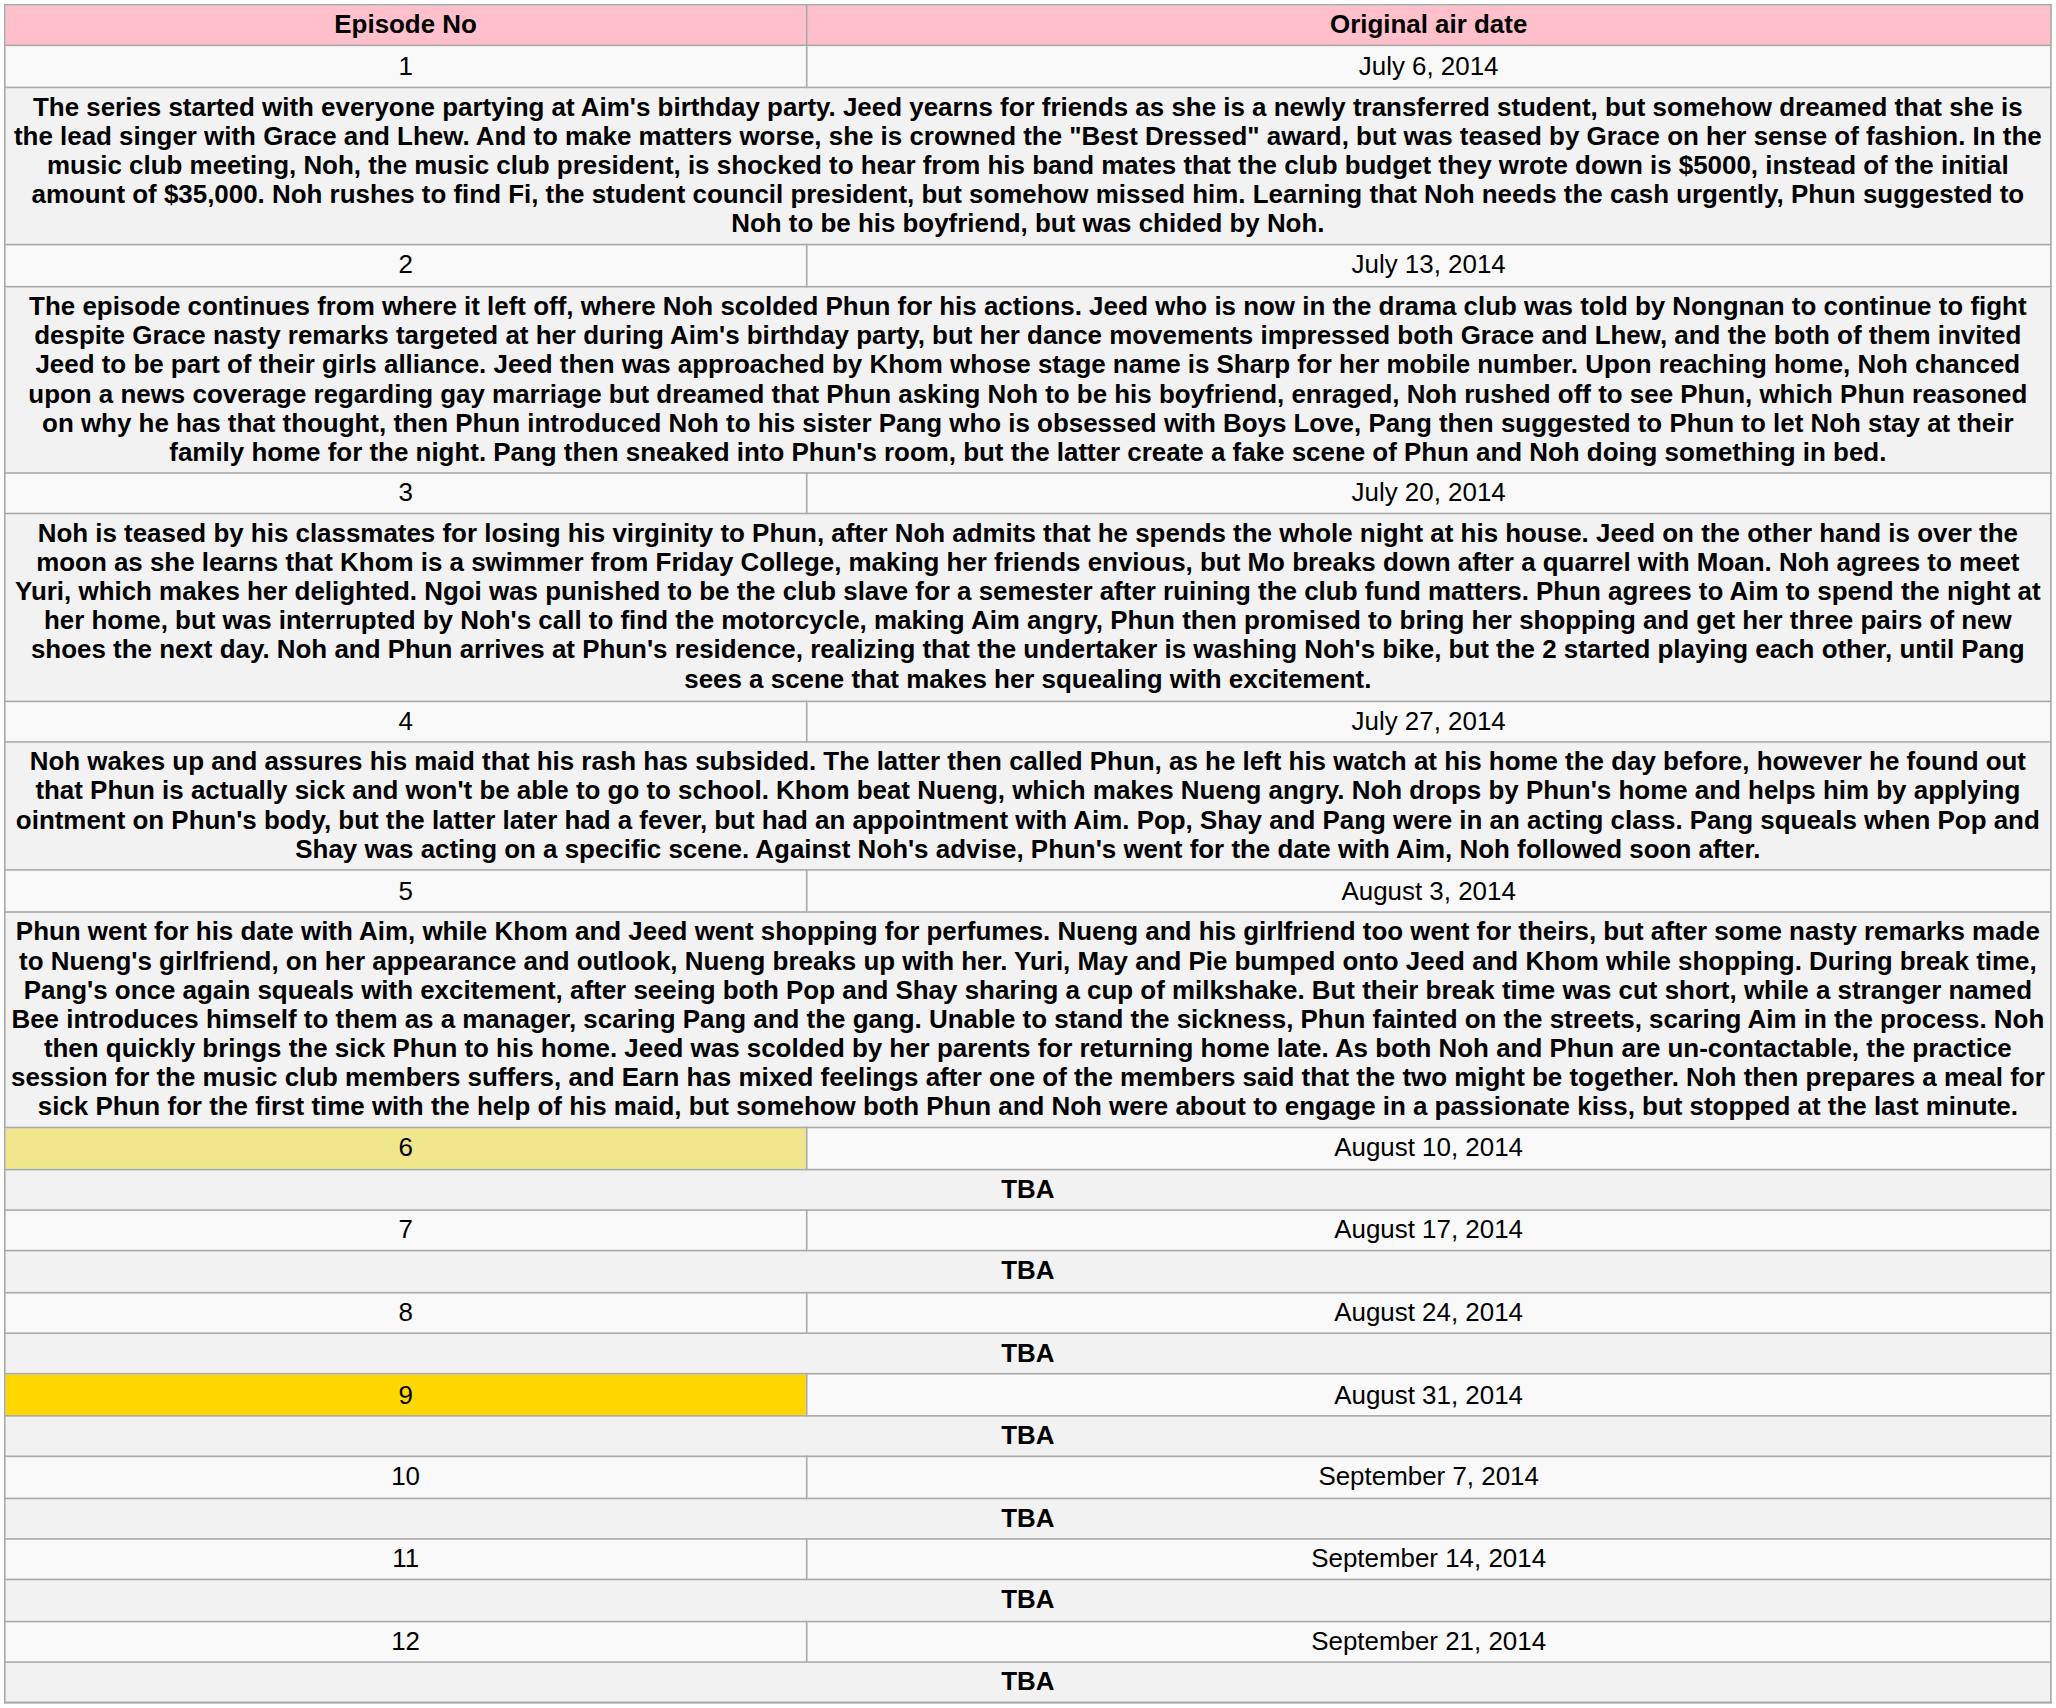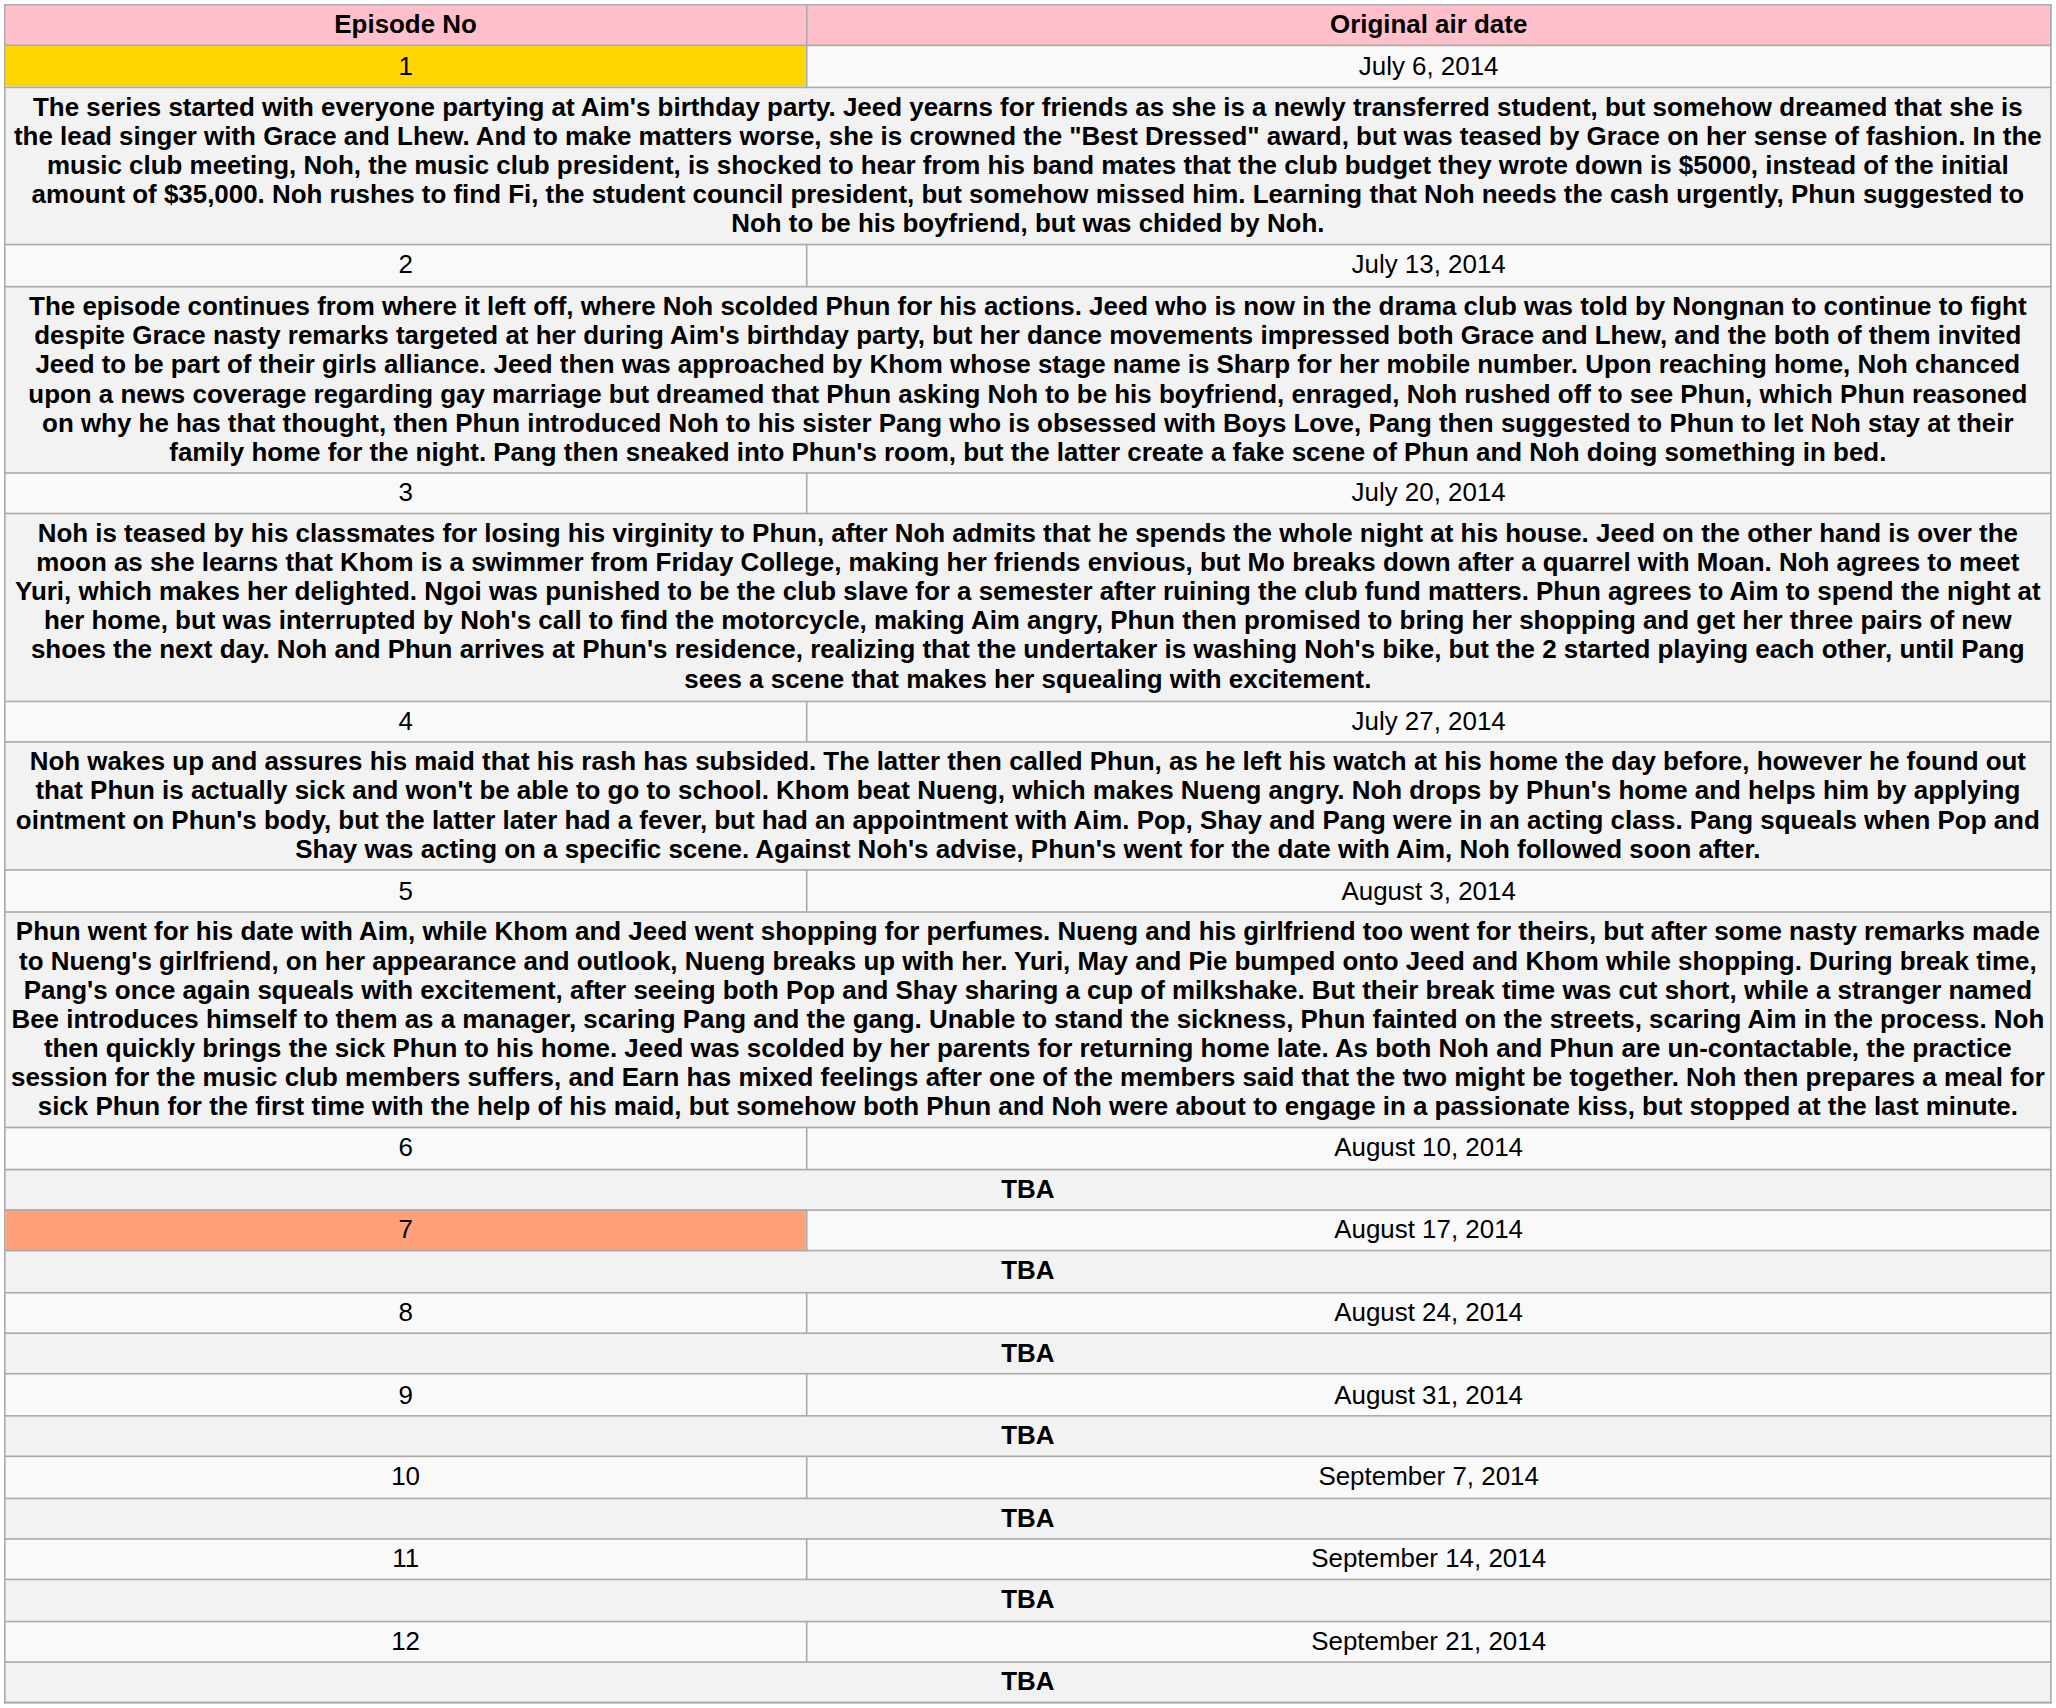 <table class="wikitable plainrowheaders" style="text-align:center; width:100%">
 <tr>
 <th scope="col" style="background:#FFC0CB">Episode No</th>
 <th scope="col" style="background:#FFC0CB">Original air date</th>
 </tr>
 <tr>
-<td>1</td>
+<td style="background: gold;">1</td>
 <td scope="row">July 6, 2014</td>
 </tr>
 <tr>
 <th scope="row" colspan="2">The series started with everyone partying at Aim's birthday party. Jeed yearns for friends as she is a newly transferred student, but somehow dreamed that she is the lead singer with Grace and Lhew. And to make matters worse, she is crowned the "Best Dressed" award, but was teased by Grace on her sense of fashion. In the music club meeting, Noh, the music club president, is shocked to hear from his band mates that the club budget they wrote down is $5000, instead of the initial amount of $35,000. Noh rushes to find Fi, the student council president, but somehow missed him. Learning that Noh needs the cash urgently, Phun suggested to Noh to be his boyfriend, but was chided by Noh.</th>
 </tr>
 <tr>
 <td>2</td>
 <td scope="row">July 13, 2014</td>
 </tr>
 <tr>
 <th scope="row" colspan="2">The episode continues from where it left off, where Noh scolded Phun for his actions. Jeed who is now in the drama club was told by Nongnan to continue to fight despite Grace nasty remarks targeted at her during Aim's birthday party, but her dance movements impressed both Grace and Lhew, and the both of them invited Jeed to be part of their girls alliance. Jeed then was approached by Khom whose stage name is Sharp for her mobile number. Upon reaching home, Noh chanced upon a news coverage regarding gay marriage but dreamed that Phun asking Noh to be his boyfriend, enraged, Noh rushed off to see Phun, which Phun reasoned on why he has that thought, then Phun introduced Noh to his sister Pang who is obsessed with Boys Love, Pang then suggested to Phun to let Noh stay at their family home for the night. Pang then sneaked into Phun's room, but the latter create a fake scene of Phun and Noh doing something in bed.</th>
 </tr>
 <tr>
 <td>3</td>
 <td scope="row">July 20, 2014</td>
 </tr>
 <tr>
 <th scope="row" colspan="2">Noh is teased by his classmates for losing his virginity to Phun, after Noh admits that he spends the whole night at his house. Jeed on the other hand is over the moon as she learns that Khom is a swimmer from Friday College, making her friends envious, but Mo breaks down after a quarrel with Moan. Noh agrees to meet Yuri, which makes her delighted. Ngoi was punished to be the club slave for a semester after ruining the club fund matters. Phun agrees to Aim to spend the night at her home, but was interrupted by Noh's call to find the motorcycle, making Aim angry, Phun then promised to bring her shopping and get her three pairs of new shoes the next day. Noh and Phun arrives at Phun's residence, realizing that the undertaker is washing Noh's bike, but the 2 started playing each other, until Pang sees a scene that makes her squealing with excitement.</th>
 </tr>
 <tr>
 <td>4</td>
 <td scope="row">July 27, 2014</td>
 </tr>
 <tr>
 <th scope="row" colspan="2">Noh wakes up and assures his maid that his rash has subsided. The latter then called Phun, as he left his watch at his home the day before, however he found out that Phun is actually sick and won't be able to go to school. Khom beat Nueng, which makes Nueng angry. Noh drops by Phun's home and helps him by applying ointment on Phun's body, but the latter later had a fever, but had an appointment with Aim. Pop, Shay and Pang were in an acting class. Pang squeals when Pop and Shay was acting on a specific scene. Against Noh's advise, Phun's went for the date with Aim, Noh followed soon after.</th>
 </tr>
 <tr>
 <td>5</td>
 <td scope="row">August 3, 2014</td>
 </tr>
 <tr>
 <th scope="row" colspan="2">Phun went for his date with Aim, while Khom and Jeed went shopping for perfumes. Nueng and his girlfriend too went for theirs, but after some nasty remarks made to Nueng's girlfriend, on her appearance and outlook, Nueng breaks up with her. Yuri, May and Pie bumped onto Jeed and Khom while shopping. During break time, Pang's once again squeals with excitement, after seeing both Pop and Shay sharing a cup of milkshake. But their break time was cut short, while a stranger named Bee introduces himself to them as a manager, scaring Pang and the gang. Unable to stand the sickness, Phun fainted on the streets, scaring Aim in the process. Noh then quickly brings the sick Phun to his home. Jeed was scolded by her parents for returning home late. As both Noh and Phun are un-contactable, the practice session for the music club members suffers, and Earn has mixed feelings after one of the members said that the two might be together. Noh then prepares a meal for sick Phun for the first time with the help of his maid, but somehow both Phun and Noh were about to engage in a passionate kiss, but stopped at the last minute.</th>
 </tr>
 <tr>
-<td style="background: khaki;">6</td>
+<td>6</td>
 <td scope="row">August 10, 2014</td>
 </tr>
 <tr>
 <th scope="row" colspan="2">TBA</th>
 </tr>
 <tr>
-<td>7</td>
+<td style="background: lightsalmon;">7</td>
 <td scope="row">August 17, 2014</td>
 </tr>
 <tr>
 <th scope="row" colspan="2">TBA</th>
 </tr>
 <tr>
 <td>8</td>
 <td scope="row">August 24, 2014</td>
 </tr>
 <tr>
 <th scope="row" colspan="2">TBA</th>
 </tr>
 <tr>
-<td style="background: gold;">9</td>
+<td>9</td>
 <td scope="row">August 31, 2014</td>
 </tr>
 <tr>
 <th scope="row" colspan="2">TBA</th>
 </tr>
 <tr>
 <td>10</td>
 <td scope="row">September 7, 2014</td>
 </tr>
 <tr>
 <th scope="row" colspan="2">TBA</th>
 </tr>
 <tr>
 <td>11</td>
 <td scope="row">September 14, 2014</td>
 </tr>
 <tr>
 <th scope="row" colspan="2">TBA</th>
 </tr>
 <tr>
 <td>12</td>
 <td scope="row">September 21, 2014</td>
 </tr>
 <tr>
 <th scope="row" colspan="2">TBA</th>
 </tr>
 <tr>
 </tr>
 </table>
